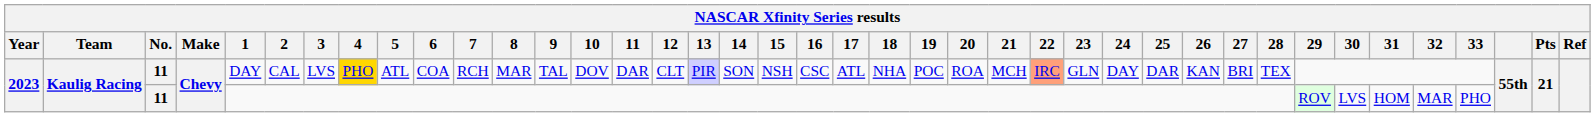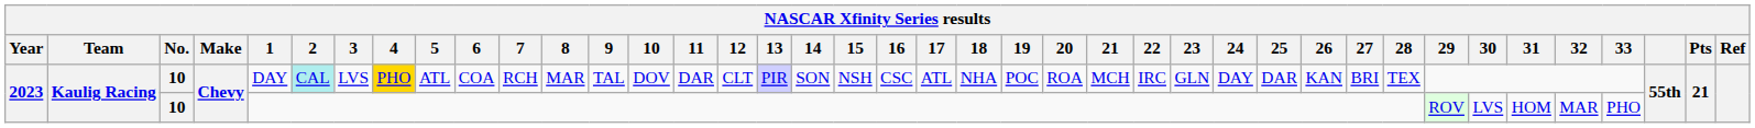 <table class="wikitable" style="text-align:center; font-size:75%">
 <tr>
 <th colspan=40><a href='#'>NASCAR Xfinity Series</a> results</th>
 </tr>
 <tr>
 <th>Year</th>
 <th>Team</th>
 <th>No.</th>
 <th>Make</th>
 <th>1</th>
 <th>2</th>
 <th>3</th>
 <th>4</th>
 <th>5</th>
 <th>6</th>
 <th>7</th>
 <th>8</th>
 <th>9</th>
 <th>10</th>
 <th>11</th>
 <th>12</th>
 <th>13</th>
 <th>14</th>
 <th>15</th>
 <th>16</th>
 <th>17</th>
 <th>18</th>
 <th>19</th>
 <th>20</th>
 <th>21</th>
 <th>22</th>
 <th>23</th>
 <th>24</th>
 <th>25</th>
 <th>26</th>
 <th>27</th>
 <th>28</th>
 <th>29</th>
 <th>30</th>
 <th>31</th>
 <th>32</th>
 <th>33</th>
 <th></th>
 <th>Pts</th>
 <th>Ref</th>
 </tr>
 <tr>
 <th rowspan=2><a href='#'>2023</a></th>
 <th rowspan=2><a href='#'>Kaulig Racing</a></th>
-<th>11</th>
+<th>10</th>
 <th rowspan=2><a href='#'>Chevy</a></th>
 <td><a href='#'>DAY</a></td>
-<td><a href='#'>CAL</a></td>
+<td style="background: paleturquoise;"><a href='#'>CAL</a></td>
 <td><a href='#'>LVS</a></td>
 <td style="background: gold;"><a href='#'>PHO</a></td>
 <td><a href='#'>ATL</a></td>
 <td><a href='#'>COA</a></td>
 <td><a href='#'>RCH</a></td>
 <td><a href='#'>MAR</a></td>
 <td><a href='#'>TAL</a></td>
 <td><a href='#'>DOV</a></td>
 <td><a href='#'>DAR</a></td>
 <td><a href='#'>CLT</a></td>
 <td style="background:#CFCFFF;"><a href='#'>PIR</a><br></td>
 <td><a href='#'>SON</a></td>
 <td><a href='#'>NSH</a></td>
 <td><a href='#'>CSC</a></td>
 <td><a href='#'>ATL</a></td>
 <td><a href='#'>NHA</a></td>
 <td><a href='#'>POC</a></td>
 <td><a href='#'>ROA</a></td>
 <td><a href='#'>MCH</a></td>
-<td style="background: lightsalmon;"><a href='#'>IRC</a></td>
+<td><a href='#'>IRC</a></td>
 <td><a href='#'>GLN</a></td>
 <td><a href='#'>DAY</a></td>
 <td><a href='#'>DAR</a></td>
 <td><a href='#'>KAN</a></td>
 <td><a href='#'>BRI</a></td>
 <td><a href='#'>TEX</a></td>
 <td colspan=5></td>
 <th rowspan=2>55th</th>
 <th rowspan=2>21</th>
 <th rowspan=2></th>
 </tr>
 <tr>
-<th>11</th>
+<th>10</th>
 <td colspan=28></td>
 <td style="background:#DFFFDF;"><a href='#'>ROV</a><br></td>
 <td><a href='#'>LVS</a></td>
 <td><a href='#'>HOM</a></td>
 <td><a href='#'>MAR</a></td>
 <td><a href='#'>PHO</a></td>
 </tr>
 </table>
